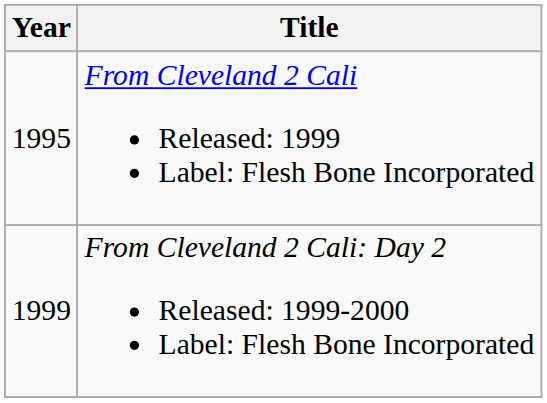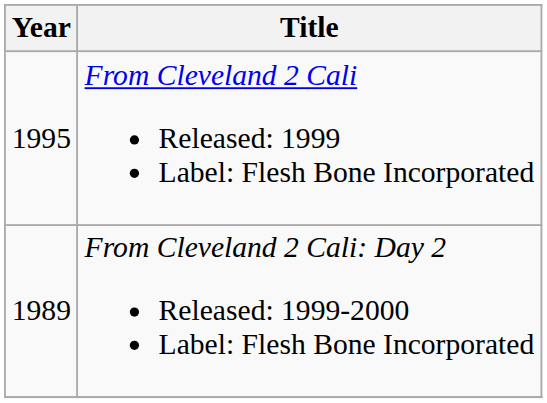 <table class="wikitable">
 <tr>
 <th>Year</th>
 <th>Title</th>
 </tr>
 <tr>
 <td>1995</td>
 <td><em><a href='#'>From Cleveland 2 Cali</a></em><br><ul><li>Released: 1999</li><li>Label: Flesh Bone Incorporated</li></ul></td>
 </tr>
 <tr>
-<td>1999</td>
+<td>1989</td>
 <td><em>From Cleveland 2 Cali: Day 2</em><br><ul><li>Released: 1999-2000</li><li>Label: Flesh Bone Incorporated</li></ul></td>
 </tr>
 <tr>
 </tr>
 </table>
